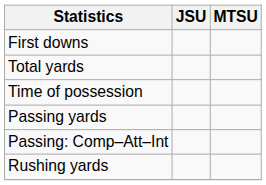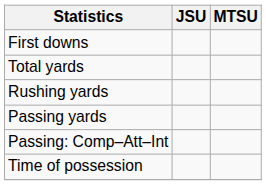 <table class="wikitable" style="float: left;">
 <tr>
 <th>Statistics</th>
 <th>JSU</th>
 <th>MTSU</th>
 </tr>
 <tr>
 <td>First downs</td>
 <td></td>
 <td></td>
 </tr>
 <tr>
 <td>Total yards</td>
 <td></td>
 <td></td>
 </tr>
 <tr>
-<td>Time of possession</td>
+<td>Rushing yards</td>
 <td></td>
 <td></td>
 </tr>
 <tr>
 <td>Passing yards</td>
 <td></td>
 <td></td>
 </tr>
 <tr>
 <td>Passing: Comp–Att–Int</td>
 <td></td>
 <td></td>
 </tr>
 <tr>
-<td>Rushing yards</td>
+<td>Time of possession</td>
 <td></td>
 <td></td>
 </tr>
 <tr>
 </tr>
 </table>
